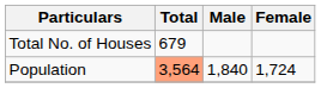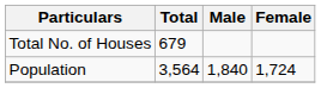 <table class="wikitable sortable">
 <tr>
 <th>Particulars</th>
 <th>Total</th>
 <th>Male</th>
 <th>Female</th>
 </tr>
 <tr>
 <td>Total No. of Houses</td>
 <td>679</td>
 <td></td>
 <td></td>
 </tr>
 <tr>
 <td>Population</td>
-<td style="background: lightsalmon;">3,564</td>
+<td>3,564</td>
 <td>1,840</td>
 <td>1,724</td>
 </tr>
 <tr>
 </tr>
 </table>
